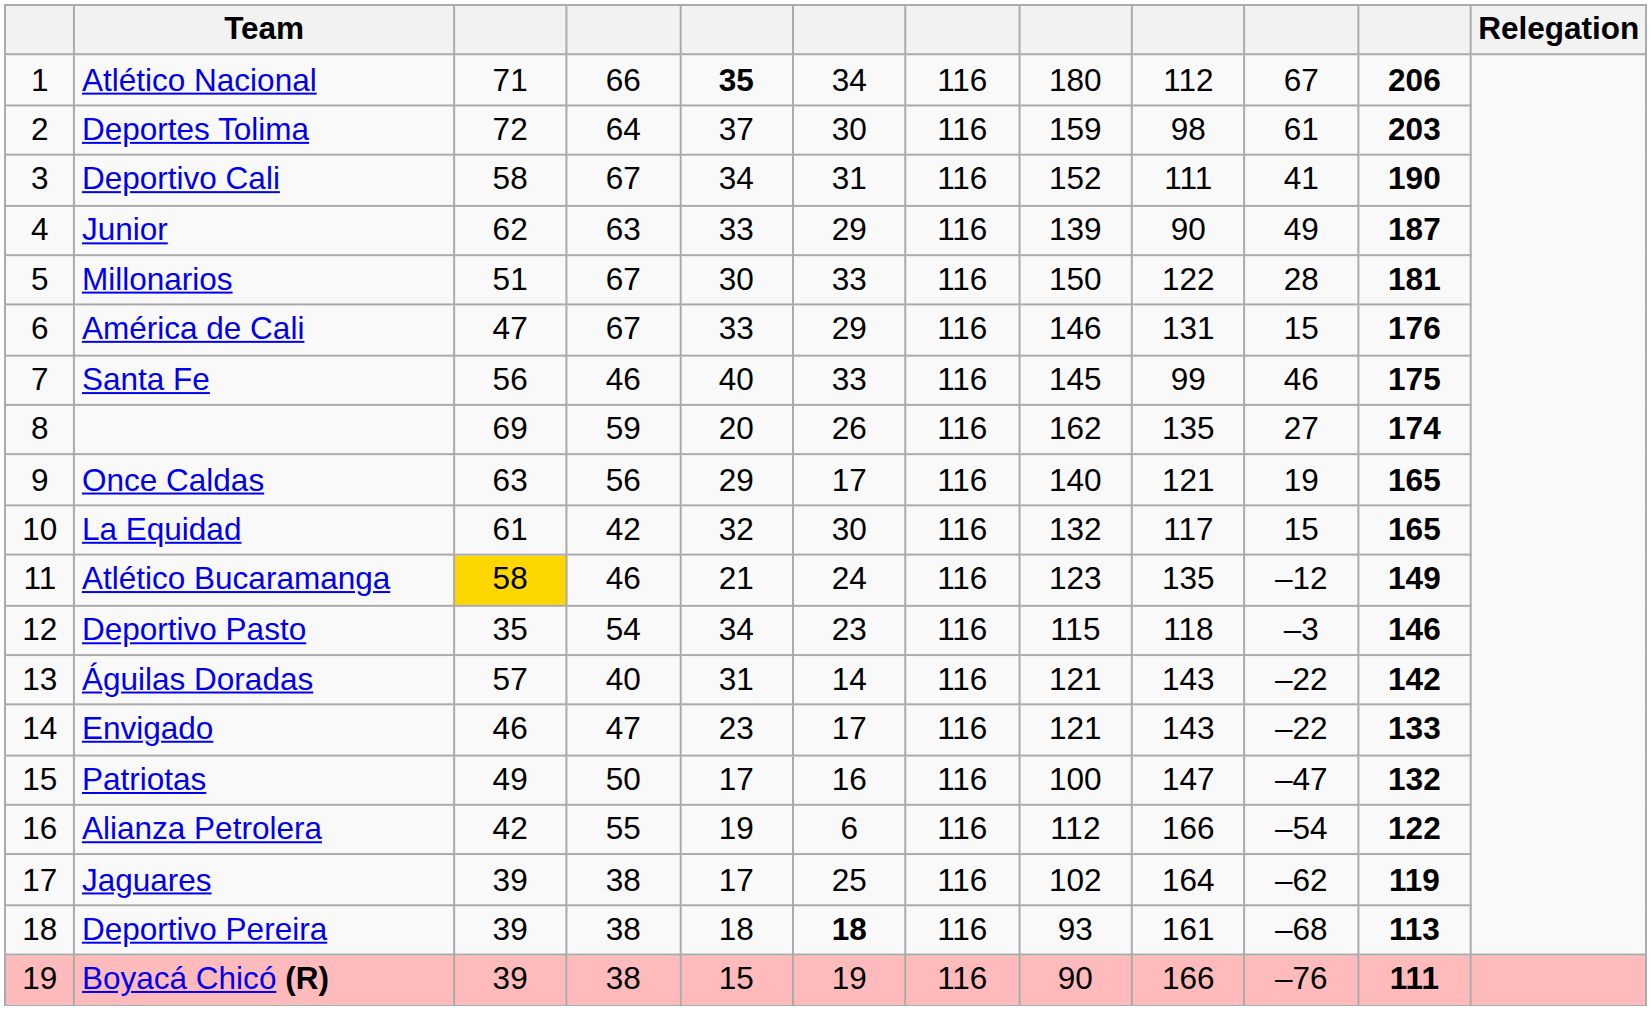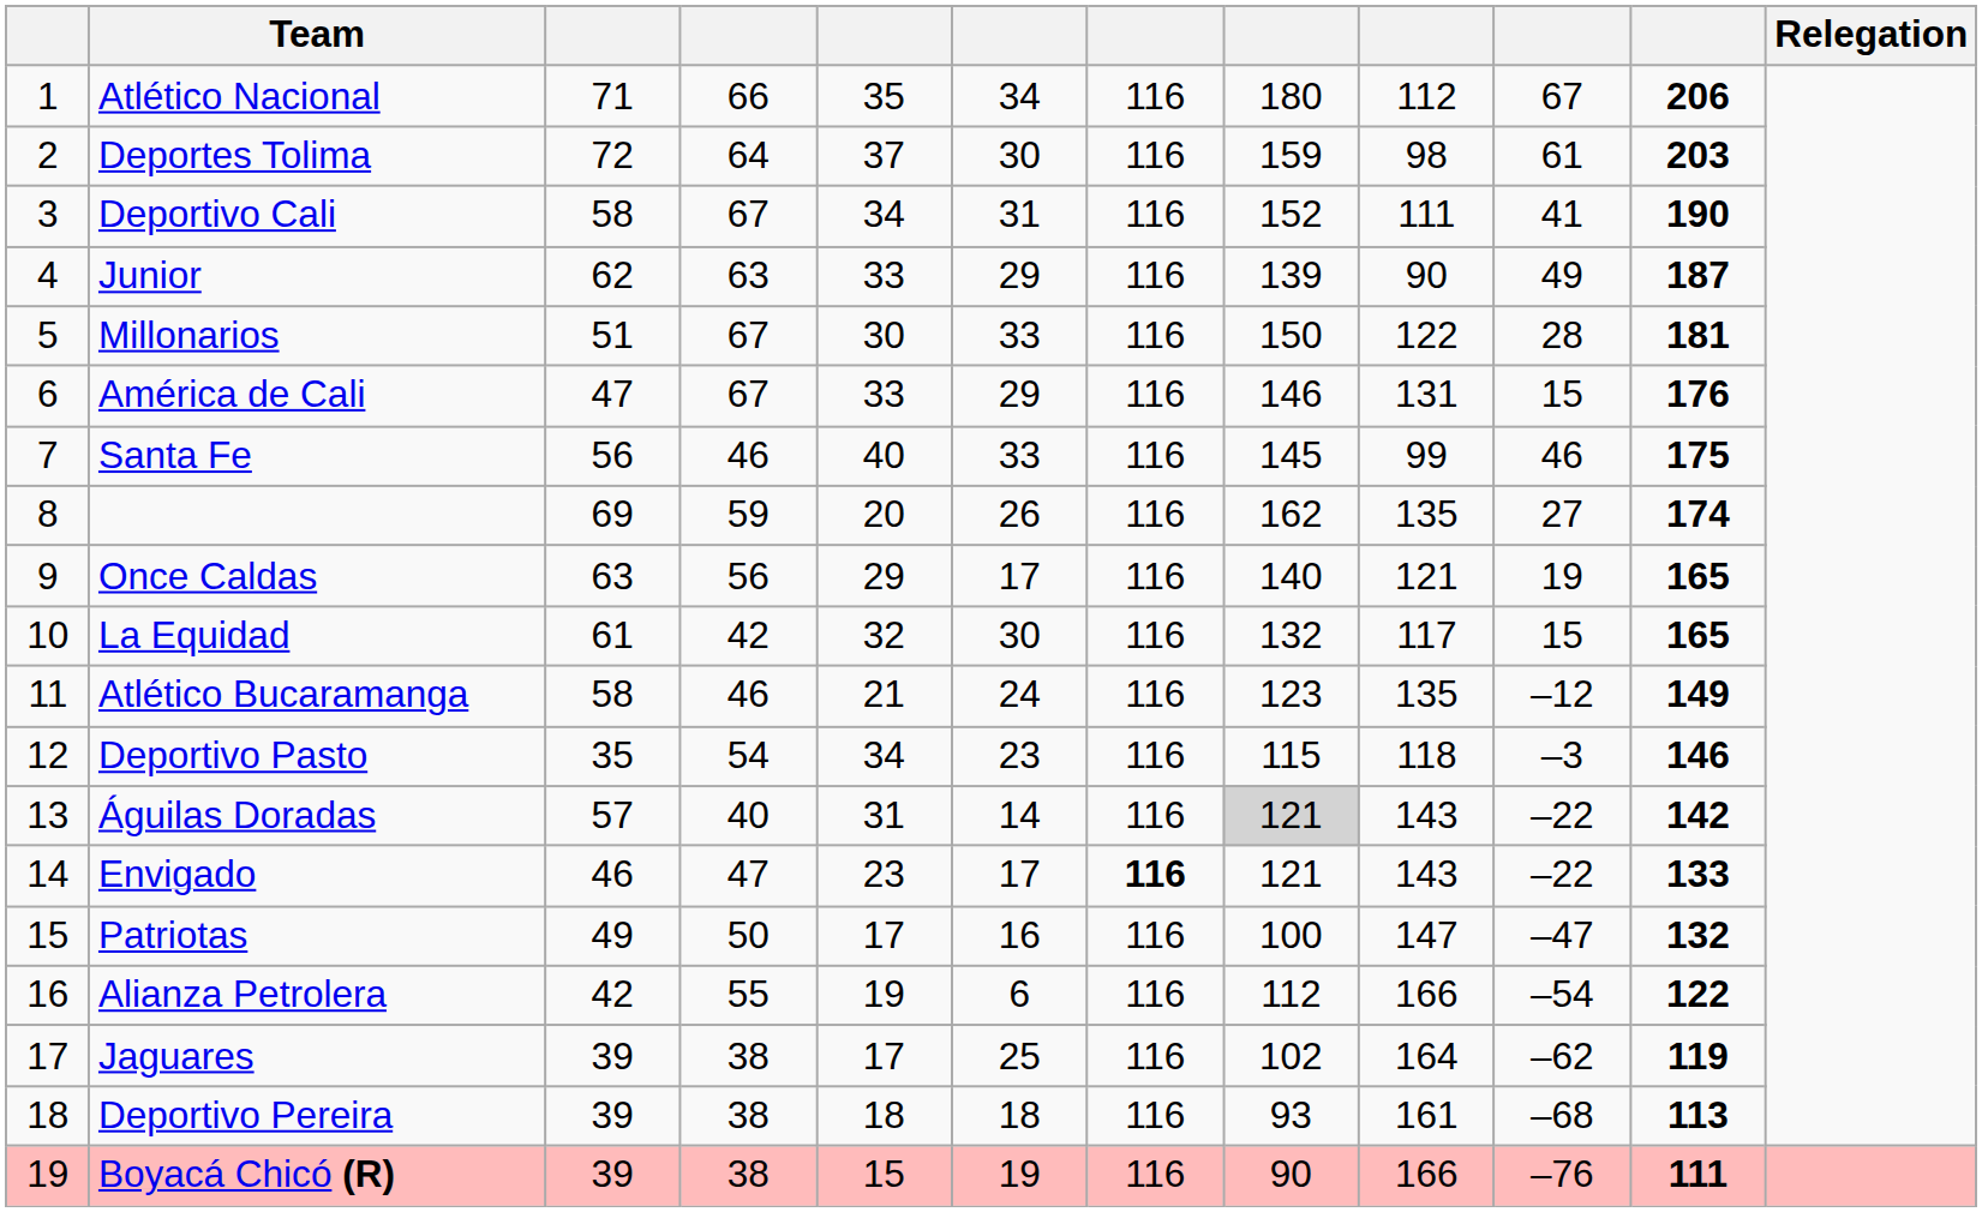 <table class="wikitable" style="text-align: center;">
 <tr>
 <th width=28><br></th>
 <th width=185>Team</th>
 <th width=50></th>
 <th width=50></th>
 <th width=50></th>
 <th width=50></th>
 <th width=50></th>
 <th width=50></th>
 <th width=50></th>
 <th width=50></th>
 <th width=50></th>
 <th>Relegation</th>
 </tr>
 <tr>
 <td>1</td>
 <td align="left"><a href='#'>Atlético Nacional</a></td>
 <td>71</td>
 <td>66</td>
-<td><strong>35</strong></td>
+<td>35</td>
 <td>34</td>
 <td>116</td>
 <td>180</td>
 <td>112</td>
 <td>67</td>
 <td><strong>206</strong></td>
 <td rowspan=18></td>
 </tr>
 <tr>
 <td>2</td>
 <td align="left"><a href='#'>Deportes Tolima</a></td>
 <td>72</td>
 <td>64</td>
 <td>37</td>
 <td>30</td>
 <td>116</td>
 <td>159</td>
 <td>98</td>
 <td>61</td>
 <td><strong>203</strong></td>
 </tr>
 <tr>
 <td>3</td>
 <td align="left"><a href='#'>Deportivo Cali</a></td>
 <td>58</td>
 <td>67</td>
 <td>34</td>
 <td>31</td>
 <td>116</td>
 <td>152</td>
 <td>111</td>
 <td>41</td>
 <td><strong>190</strong></td>
 </tr>
 <tr>
 <td>4</td>
 <td align="left"><a href='#'>Junior</a></td>
 <td>62</td>
 <td>63</td>
 <td>33</td>
 <td>29</td>
 <td>116</td>
 <td>139</td>
 <td>90</td>
 <td>49</td>
 <td><strong>187</strong></td>
 </tr>
 <tr>
 <td>5</td>
 <td align="left"><a href='#'>Millonarios</a></td>
 <td>51</td>
 <td>67</td>
 <td>30</td>
 <td>33</td>
 <td>116</td>
 <td>150</td>
 <td>122</td>
 <td>28</td>
 <td><strong>181</strong></td>
 </tr>
 <tr>
 <td>6</td>
 <td align="left"><a href='#'>América de Cali</a></td>
 <td>47</td>
 <td>67</td>
 <td>33</td>
 <td>29</td>
 <td>116</td>
 <td>146</td>
 <td>131</td>
 <td>15</td>
 <td><strong>176</strong></td>
 </tr>
 <tr>
 <td>7</td>
 <td align="left"><a href='#'>Santa Fe</a></td>
 <td>56</td>
 <td>46</td>
 <td>40</td>
 <td>33</td>
 <td>116</td>
 <td>145</td>
 <td>99</td>
 <td>46</td>
 <td><strong>175</strong></td>
 </tr>
 <tr>
 <td>8</td>
 <td align="left"></td>
 <td>69</td>
 <td>59</td>
 <td>20</td>
 <td>26</td>
 <td>116</td>
 <td>162</td>
 <td>135</td>
 <td>27</td>
 <td><strong>174</strong></td>
 </tr>
 <tr>
 <td>9</td>
 <td align="left"><a href='#'>Once Caldas</a></td>
 <td>63</td>
 <td>56</td>
 <td>29</td>
 <td>17</td>
 <td>116</td>
 <td>140</td>
 <td>121</td>
 <td>19</td>
 <td><strong>165</strong></td>
 </tr>
 <tr>
 <td>10</td>
 <td align="left"><a href='#'>La Equidad</a></td>
 <td>61</td>
 <td>42</td>
 <td>32</td>
 <td>30</td>
 <td>116</td>
 <td>132</td>
 <td>117</td>
 <td>15</td>
 <td><strong>165</strong></td>
 </tr>
 <tr>
 <td>11</td>
 <td align="left"><a href='#'>Atlético Bucaramanga</a></td>
-<td style="background: gold;">58</td>
+<td>58</td>
 <td>46</td>
 <td>21</td>
 <td>24</td>
 <td>116</td>
 <td>123</td>
 <td>135</td>
 <td>–12</td>
 <td><strong>149</strong></td>
 </tr>
 <tr>
 <td>12</td>
 <td align="left"><a href='#'>Deportivo Pasto</a></td>
 <td>35</td>
 <td>54</td>
 <td>34</td>
 <td>23</td>
 <td>116</td>
 <td>115</td>
 <td>118</td>
 <td>–3</td>
 <td><strong>146</strong></td>
 </tr>
 <tr>
 <td>13</td>
 <td align="left"><a href='#'>Águilas Doradas</a></td>
 <td>57</td>
 <td>40</td>
 <td>31</td>
 <td>14</td>
 <td>116</td>
-<td>121</td>
+<td style="background: lightgrey;">121</td>
 <td>143</td>
 <td>–22</td>
 <td><strong>142</strong></td>
 </tr>
 <tr>
 <td>14</td>
 <td align="left"><a href='#'>Envigado</a></td>
 <td>46</td>
 <td>47</td>
 <td>23</td>
 <td>17</td>
-<td>116</td>
+<td><strong>116</strong></td>
 <td>121</td>
 <td>143</td>
 <td>–22</td>
 <td><strong>133</strong></td>
 </tr>
 <tr>
 <td>15</td>
 <td align="left"><a href='#'>Patriotas</a></td>
 <td>49</td>
 <td>50</td>
 <td>17</td>
 <td>16</td>
 <td>116</td>
 <td>100</td>
 <td>147</td>
 <td>–47</td>
 <td><strong>132</strong></td>
 </tr>
 <tr>
 <td>16</td>
 <td align="left"><a href='#'>Alianza Petrolera</a></td>
 <td>42</td>
 <td>55</td>
 <td>19</td>
 <td>6</td>
 <td>116</td>
 <td>112</td>
 <td>166</td>
 <td>–54</td>
 <td><strong>122</strong></td>
 </tr>
 <tr>
 <td>17</td>
 <td align="left"><a href='#'>Jaguares</a></td>
 <td>39</td>
 <td>38</td>
 <td>17</td>
 <td>25</td>
 <td>116</td>
 <td>102</td>
 <td>164</td>
 <td>–62</td>
 <td><strong>119</strong></td>
 </tr>
 <tr>
 <td>18</td>
 <td align="left"><a href='#'>Deportivo Pereira</a></td>
 <td>39</td>
 <td>38</td>
 <td>18</td>
-<td><strong>18</strong></td>
+<td>18</td>
 <td>116</td>
 <td>93</td>
 <td>161</td>
 <td>–68</td>
 <td><strong>113</strong></td>
 </tr>
 <tr bgcolor=#FFBBBB>
 <td>19</td>
 <td align="left"><a href='#'>Boyacá Chicó</a> <strong>(R)</strong></td>
 <td>39</td>
 <td>38</td>
 <td>15</td>
 <td>19</td>
 <td>116</td>
 <td>90</td>
 <td>166</td>
 <td>–76</td>
 <td><strong>111</strong></td>
 <td></td>
 </tr>
 </table>
